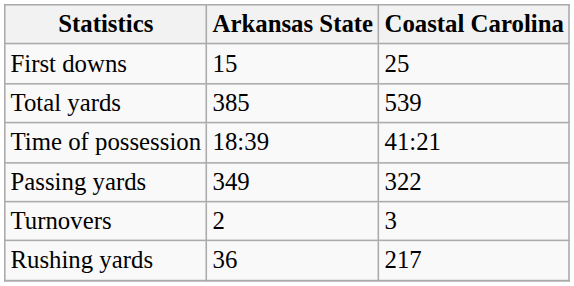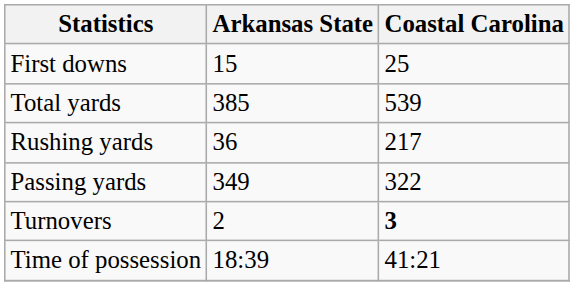 <table class="wikitable">
 <tr>
 <th>Statistics</th>
 <th>Arkansas State</th>
 <th>Coastal Carolina</th>
 </tr>
 <tr>
 <td>First downs</td>
 <td>15</td>
 <td>25</td>
 </tr>
 <tr>
 <td>Total yards</td>
 <td>385</td>
 <td>539</td>
 </tr>
 <tr>
-<td>Time of possession</td>
-<td>18:39</td>
-<td>41:21</td>
+<td>Rushing yards</td>
+<td>36</td>
+<td>217</td>
 </tr>
 <tr>
 <td>Passing yards</td>
 <td>349</td>
 <td>322</td>
 </tr>
 <tr>
 <td>Turnovers</td>
 <td>2</td>
-<td>3</td>
+<td><strong>3</strong></td>
 </tr>
 <tr>
-<td>Rushing yards</td>
-<td>36</td>
-<td>217</td>
+<td>Time of possession</td>
+<td>18:39</td>
+<td>41:21</td>
 </tr>
 <tr>
 </tr>
 </table>
